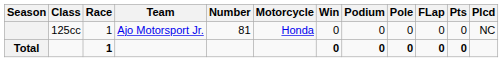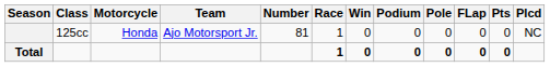 <table class="wikitable">
 <tr>
 <th>Season</th>
 <th>Class</th>
-<th>Race</th>
+<th>Motorcycle</th>
 <th>Team</th>
 <th>Number</th>
-<th>Motorcycle</th>
+<th>Race</th>
 <th>Win</th>
 <th>Podium</th>
 <th>Pole</th>
 <th>FLap</th>
 <th>Pts</th>
 <th>Plcd</th>
 </tr>
 <tr align="right">
 <th></th>
 <td>125cc</td>
-<td>1</td>
+<td><a href='#'>Honda</a></td>
 <td><a href='#'>Ajo Motorsport Jr.</a></td>
 <td>81</td>
-<td><a href='#'>Honda</a></td>
+<td>1</td>
 <td>0</td>
 <td>0</td>
 <td>0</td>
 <td>0</td>
 <td>0</td>
 <td>NC</td>
 </tr>
 <tr align="right">
 <th>Total</th>
 <td></td>
-<td><strong>1</strong></td>
 <td></td>
 <td></td>
 <td></td>
+<td><strong>1</strong></td>
 <td><strong>0</strong></td>
 <td><strong>0</strong></td>
 <td><strong>0</strong></td>
 <td><strong>0</strong></td>
 <td><strong>0</strong></td>
 <td></td>
 </tr>
 </table>
